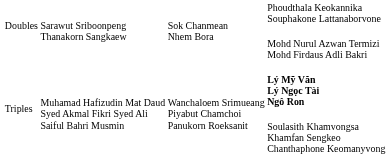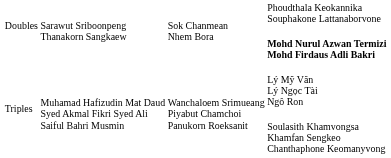 <table>
 <tr>
 <td rowspan=2>Doubles</td>
 <td rowspan=2><br>Sarawut Sriboonpeng<br>Thanakorn Sangkaew</td>
 <td rowspan=2><br>Sok Chanmean<br>Nhem Bora</td>
 <td><br>Phoudthala Keokannika<br>Souphakone Lattanaborvone</td>
 </tr>
 <tr>
-<td><br>Mohd Nurul Azwan Termizi <br>Mohd Firdaus Adli Bakri</td>
+<td><strong><br>Mohd Nurul Azwan Termizi <br>Mohd Firdaus Adli Bakri</strong></td>
 </tr>
 <tr>
 <td rowspan=2>Triples</td>
 <td rowspan=2 nowrap=true><br>Muhamad Hafizudin Mat Daud<br>Syed Akmal Fikri Syed Ali<br>Saiful Bahri Musmin</td>
 <td rowspan=2 nowrap=true><br>Wanchaloem Srimueang<br>Piyabut Chamchoi<br>Panukorn Roeksanit</td>
-<td><strong><br>Lý Mỹ Văn<br>Lý Ngọc Tài<br>Ngô Ron</strong></td>
+<td><br>Lý Mỹ Văn<br>Lý Ngọc Tài<br>Ngô Ron</td>
 </tr>
 <tr>
 <td nowrap=true><br>Soulasith Khamvongsa<br>Khamfan Sengkeo<br>Chanthaphone Keomanyvong</td>
 </tr>
 </table>
